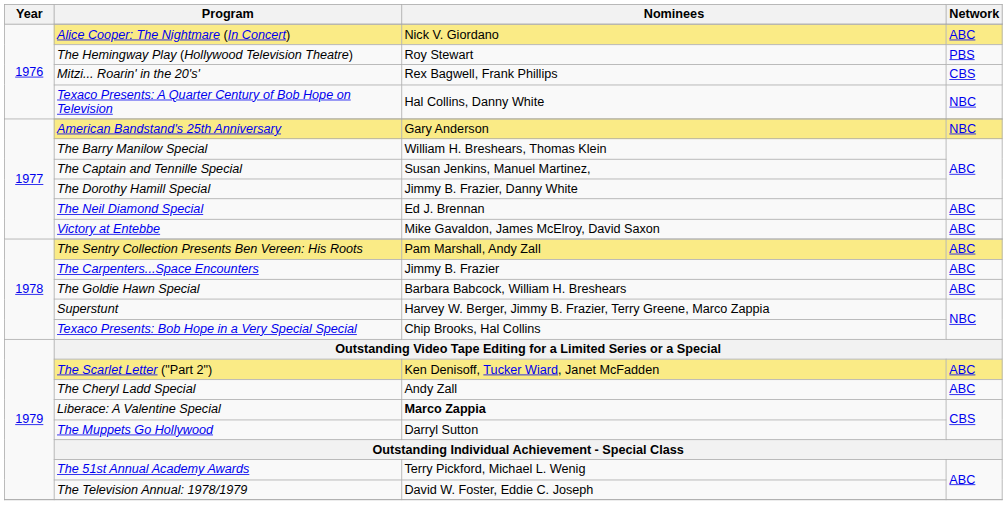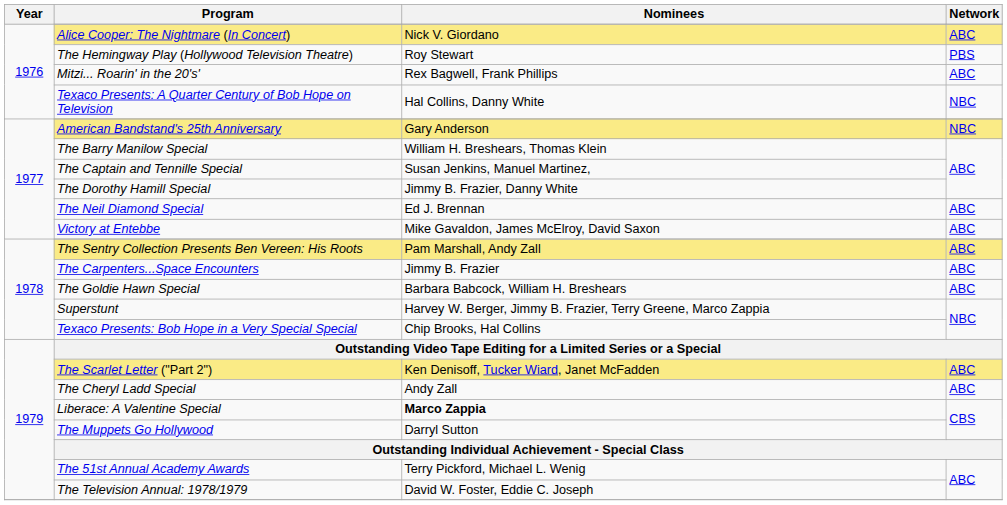 <table class="wikitable" style="width:100%">
 <tr style="background:#bebebe;">
 <th style="width:5%;">Year</th>
 <th style="width:35%;">Program</th>
 <th style="width:55%;">Nominees</th>
 <th style="width:5%;">Network</th>
 </tr>
 <tr>
 <td rowspan=5 style="text-align:center;"><a href='#'>1976</a><br></td>
 </tr>
 <tr style="background:#FAEB86;">
 <td><em><a href='#'>Alice Cooper: The Nightmare</a></em> (<em><a href='#'>In Concert</a></em>)</td>
 <td>Nick V. Giordano</td>
 <td><a href='#'>ABC</a></td>
 </tr>
 <tr>
 <td><em>The Hemingway Play</em> (<em>Hollywood Television Theatre</em>)</td>
 <td>Roy Stewart</td>
 <td><a href='#'>PBS</a></td>
 </tr>
 <tr>
 <td><em>Mitzi... Roarin' in the 20's' </em></td>
 <td>Rex Bagwell, Frank Phillips</td>
-<td><a href='#'>CBS</a></td>
+<td><a href='#'>ABC</a></td>
 </tr>
 <tr>
 <td><em><a href='#'>Texaco Presents: A Quarter Century of Bob Hope on Television</a></em></td>
 <td>Hal Collins, Danny White</td>
 <td><a href='#'>NBC</a></td>
 </tr>
 <tr>
 <td rowspan=7 style="text-align:center;"><a href='#'>1977</a><br></td>
 </tr>
 <tr style="background:#FAEB86;">
 <td><em><a href='#'>American Bandstand's 25th Anniversary</a></em></td>
 <td>Gary Anderson</td>
 <td><a href='#'>NBC</a></td>
 </tr>
 <tr>
 <td><em>The Barry Manilow Special</em></td>
 <td>William H. Breshears, Thomas Klein</td>
 <td rowspan=3><a href='#'>ABC</a></td>
 </tr>
 <tr>
 <td><em>The Captain and Tennille Special</em></td>
 <td>Susan Jenkins, Manuel Martinez,</td>
 </tr>
 <tr>
 <td><em>The Dorothy Hamill Special</em></td>
 <td>Jimmy B. Frazier, Danny White</td>
 </tr>
 <tr>
 <td><em><a href='#'>The Neil Diamond Special</a></em></td>
 <td>Ed J. Brennan</td>
 <td><a href='#'>ABC</a></td>
 </tr>
 <tr>
 <td><em><a href='#'>Victory at Entebbe</a></em></td>
 <td>Mike Gavaldon, James McElroy, David Saxon</td>
 <td><a href='#'>ABC</a></td>
 </tr>
 <tr>
 <td rowspan=6 style="text-align:center;"><a href='#'>1978</a><br></td>
 </tr>
 <tr style="background:#FAEB86;">
 <td><em>The Sentry Collection Presents Ben Vereen: His Roots</em></td>
 <td>Pam Marshall, Andy Zall</td>
 <td><a href='#'>ABC</a></td>
 </tr>
 <tr>
 <td><em><a href='#'>The Carpenters...Space Encounters</a></em></td>
 <td>Jimmy B. Frazier</td>
 <td><a href='#'>ABC</a></td>
 </tr>
 <tr>
 <td><em>The Goldie Hawn Special</em></td>
 <td>Barbara Babcock, William H. Breshears</td>
 <td><a href='#'>ABC</a></td>
 </tr>
 <tr>
 <td><em>Superstunt</em></td>
 <td>Harvey W. Berger, Jimmy B. Frazier, Terry Greene, Marco Zappia</td>
 <td rowspan=2><a href='#'>NBC</a></td>
 </tr>
 <tr>
 <td><em><a href='#'>Texaco Presents: Bob Hope in a Very Special Special</a></em></td>
 <td>Chip Brooks, Hal Collins</td>
 </tr>
 <tr>
 <td rowspan=8 style="text-align:center;"><a href='#'>1979</a></td>
 <th colspan="4">Outstanding Video Tape Editing for a Limited Series or a Special</th>
 </tr>
 <tr style="background:#FAEB86;">
 <td><em><a href='#'>The Scarlet Letter</a></em> ("Part 2")</td>
 <td>Ken Denisoff, <a href='#'>Tucker Wiard</a>, Janet McFadden</td>
 <td><a href='#'>ABC</a></td>
 </tr>
 <tr>
 <td><em>The Cheryl Ladd Special</em></td>
 <td>Andy Zall</td>
 <td><a href='#'>ABC</a></td>
 </tr>
 <tr>
 <td><em>Liberace: A Valentine Special</em></td>
 <td><strong>Marco Zappia</strong></td>
 <td rowspan=2><a href='#'>CBS</a></td>
 </tr>
 <tr>
 <td><em><a href='#'>The Muppets Go Hollywood</a></em></td>
 <td>Darryl Sutton</td>
 </tr>
 <tr>
 <th colspan="4">Outstanding Individual Achievement - Special Class</th>
 </tr>
 <tr>
 <td><em><a href='#'>The 51st Annual Academy Awards</a></em></td>
 <td>Terry Pickford, Michael L. Wenig</td>
 <td rowspan=2><a href='#'>ABC</a></td>
 </tr>
 <tr>
 <td><em>The Television Annual: 1978/1979</em></td>
 <td>David W. Foster, Eddie C. Joseph</td>
 </tr>
 <tr>
 </tr>
 </table>
